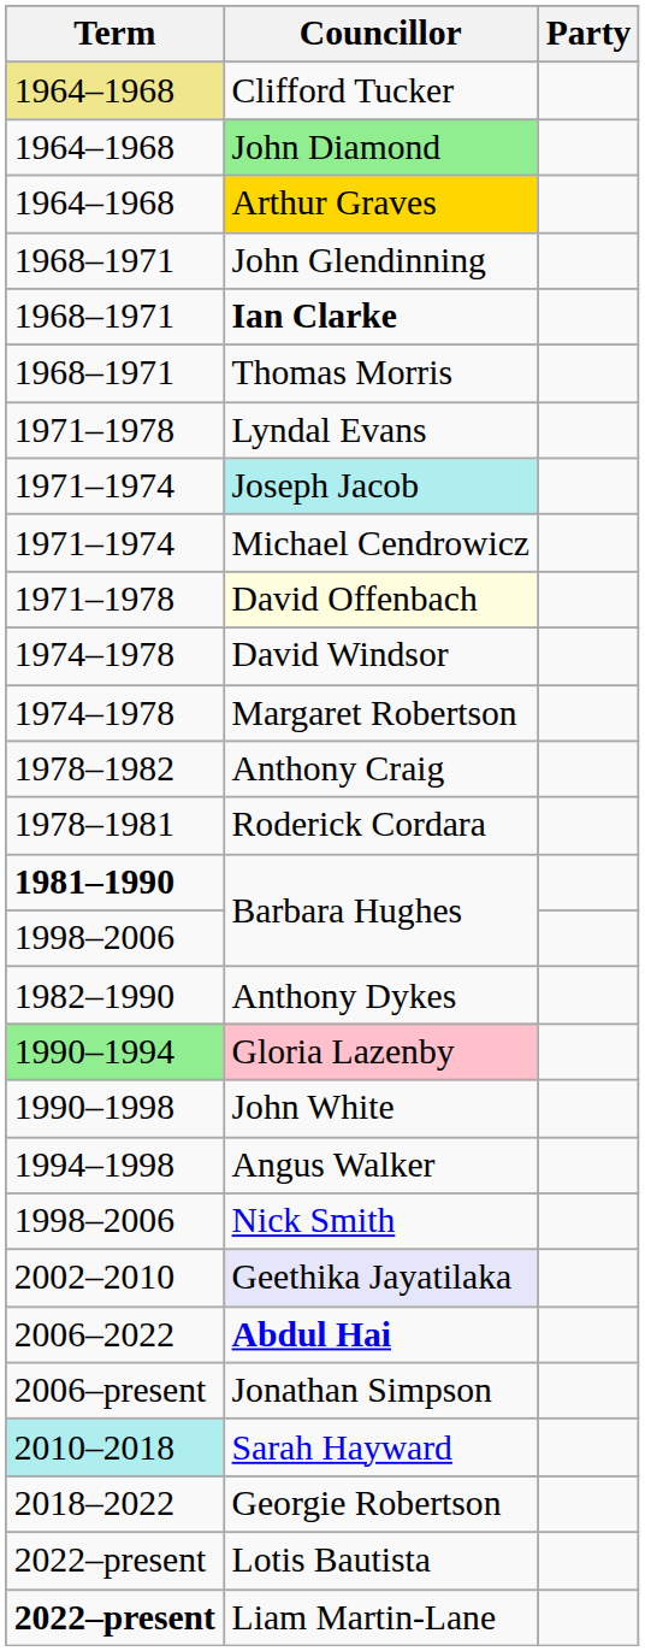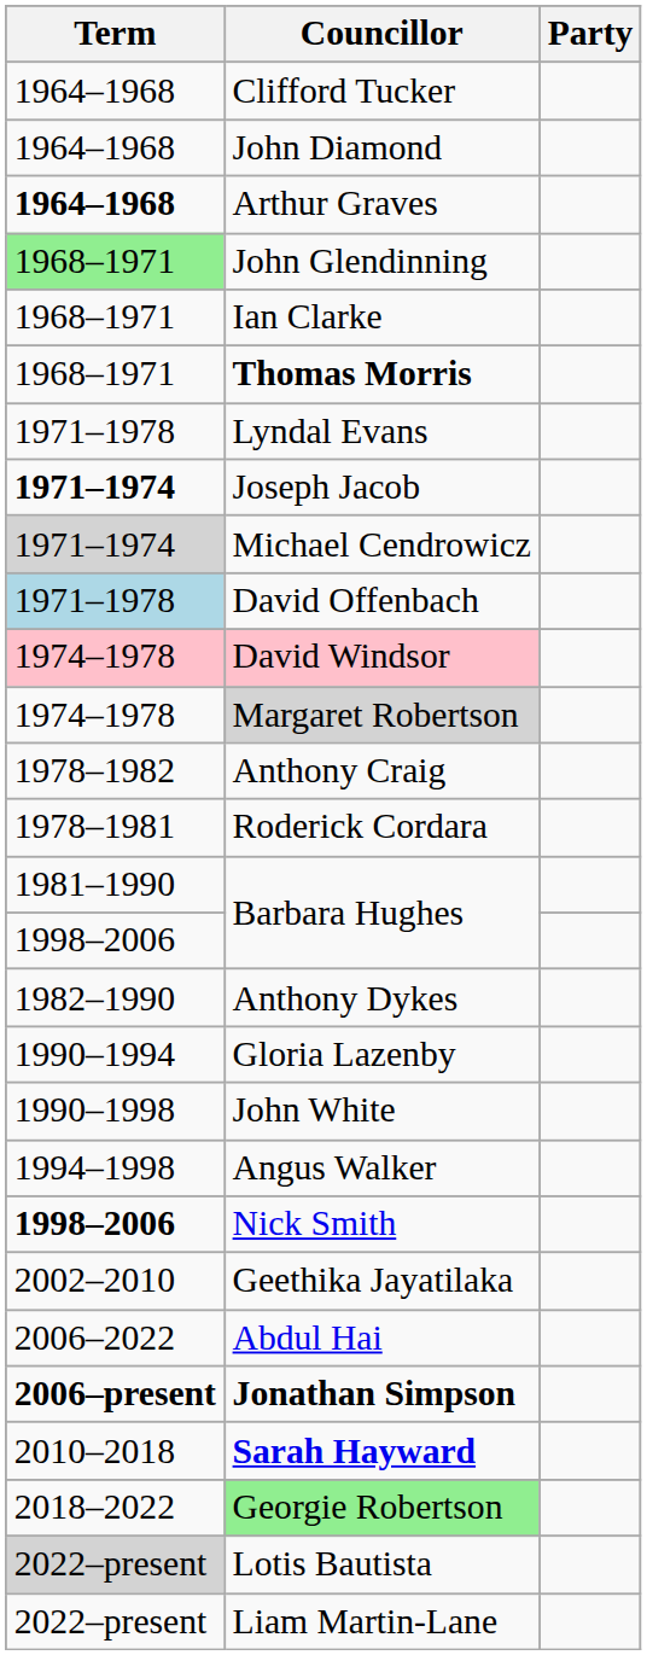 <table class="wikitable">
 <tr>
 <th>Term</th>
 <th>Councillor</th>
 <th colspan=2>Party</th>
 </tr>
 <tr>
-<td style="background: khaki;">1964–1968</td>
+<td>1964–1968</td>
 <td>Clifford Tucker</td>
 <td></td>
 </tr>
 <tr>
 <td>1964–1968</td>
-<td style="background: lightgreen;">John Diamond</td>
+<td>John Diamond</td>
 <td></td>
 </tr>
 <tr>
-<td>1964–1968</td>
-<td style="background: gold;">Arthur Graves</td>
+<td><strong>1964–1968</strong></td>
+<td>Arthur Graves</td>
 <td></td>
 </tr>
 <tr>
-<td>1968–1971</td>
+<td style="background: lightgreen;">1968–1971</td>
 <td>John Glendinning</td>
 <td></td>
 </tr>
 <tr>
 <td>1968–1971</td>
-<td><strong>Ian Clarke</strong></td>
+<td>Ian Clarke</td>
 <td></td>
 </tr>
 <tr>
 <td>1968–1971</td>
-<td>Thomas Morris</td>
+<td><strong>Thomas Morris</strong></td>
 <td></td>
 </tr>
 <tr>
 <td>1971–1978</td>
 <td>Lyndal Evans</td>
 <td></td>
 </tr>
 <tr>
-<td>1971–1974</td>
-<td style="background: paleturquoise;">Joseph Jacob</td>
+<td><strong>1971–1974</strong></td>
+<td>Joseph Jacob</td>
 <td></td>
 </tr>
 <tr>
-<td>1971–1974</td>
+<td style="background: lightgrey;">1971–1974</td>
 <td>Michael Cendrowicz</td>
 <td></td>
 </tr>
 <tr>
-<td>1971–1978</td>
-<td style="background: lightyellow;">David Offenbach</td>
+<td style="background: lightblue;">1971–1978</td>
+<td>David Offenbach</td>
+<td></td>
+</tr>
+<tr>
+<td style="background: pink;">1974–1978</td>
+<td style="background: pink;">David Windsor</td>
 <td></td>
 </tr>
 <tr>
 <td>1974–1978</td>
-<td>David Windsor</td>
-<td></td>
-</tr>
-<tr>
-<td>1974–1978</td>
-<td>Margaret Robertson</td>
+<td style="background: lightgrey;">Margaret Robertson</td>
 <td></td>
 </tr>
 <tr>
 <td>1978–1982</td>
 <td>Anthony Craig</td>
 <td></td>
 </tr>
 <tr>
 <td>1978–1981</td>
 <td>Roderick Cordara</td>
 <td></td>
 </tr>
 <tr>
-<td><strong>1981–1990</strong></td>
+<td>1981–1990</td>
 <td rowspan=2>Barbara Hughes</td>
 <td></td>
 </tr>
 <tr>
 <td>1998–2006</td>
 <td></td>
 </tr>
 <tr>
 <td>1982–1990</td>
 <td>Anthony Dykes</td>
 <td></td>
 </tr>
 <tr>
-<td style="background: lightgreen;">1990–1994</td>
-<td style="background: pink;">Gloria Lazenby</td>
+<td>1990–1994</td>
+<td>Gloria Lazenby</td>
 <td></td>
 </tr>
 <tr>
 <td>1990–1998</td>
 <td>John White</td>
 <td></td>
 </tr>
 <tr>
 <td>1994–1998</td>
 <td>Angus Walker</td>
 <td></td>
 </tr>
 <tr>
-<td>1998–2006</td>
+<td><strong>1998–2006</strong></td>
 <td><a href='#'>Nick Smith</a></td>
 <td></td>
 </tr>
 <tr>
 <td>2002–2010</td>
-<td style="background: lavender;">Geethika Jayatilaka</td>
+<td>Geethika Jayatilaka</td>
 <td></td>
 </tr>
 <tr>
 <td>2006–2022</td>
-<td><strong><a href='#'>Abdul Hai</a></strong></td>
+<td><a href='#'>Abdul Hai</a></td>
 <td></td>
 </tr>
 <tr>
-<td>2006–present</td>
-<td>Jonathan Simpson</td>
+<td><strong>2006–present</strong></td>
+<td><strong>Jonathan Simpson</strong></td>
 <td></td>
 </tr>
 <tr>
-<td style="background: paleturquoise;">2010–2018</td>
-<td><a href='#'>Sarah Hayward</a></td>
+<td>2010–2018</td>
+<td><strong><a href='#'>Sarah Hayward</a></strong></td>
 <td></td>
 </tr>
 <tr>
 <td>2018–2022</td>
-<td>Georgie Robertson</td>
+<td style="background: lightgreen;">Georgie Robertson</td>
+<td></td>
+</tr>
+<tr>
+<td style="background: lightgrey;">2022–present</td>
+<td>Lotis Bautista</td>
 <td></td>
 </tr>
 <tr>
 <td>2022–present</td>
-<td>Lotis Bautista</td>
-<td></td>
-</tr>
-<tr>
-<td><strong>2022–present</strong></td>
 <td>Liam Martin-Lane</td>
 <td></td>
 </tr>
 </table>
